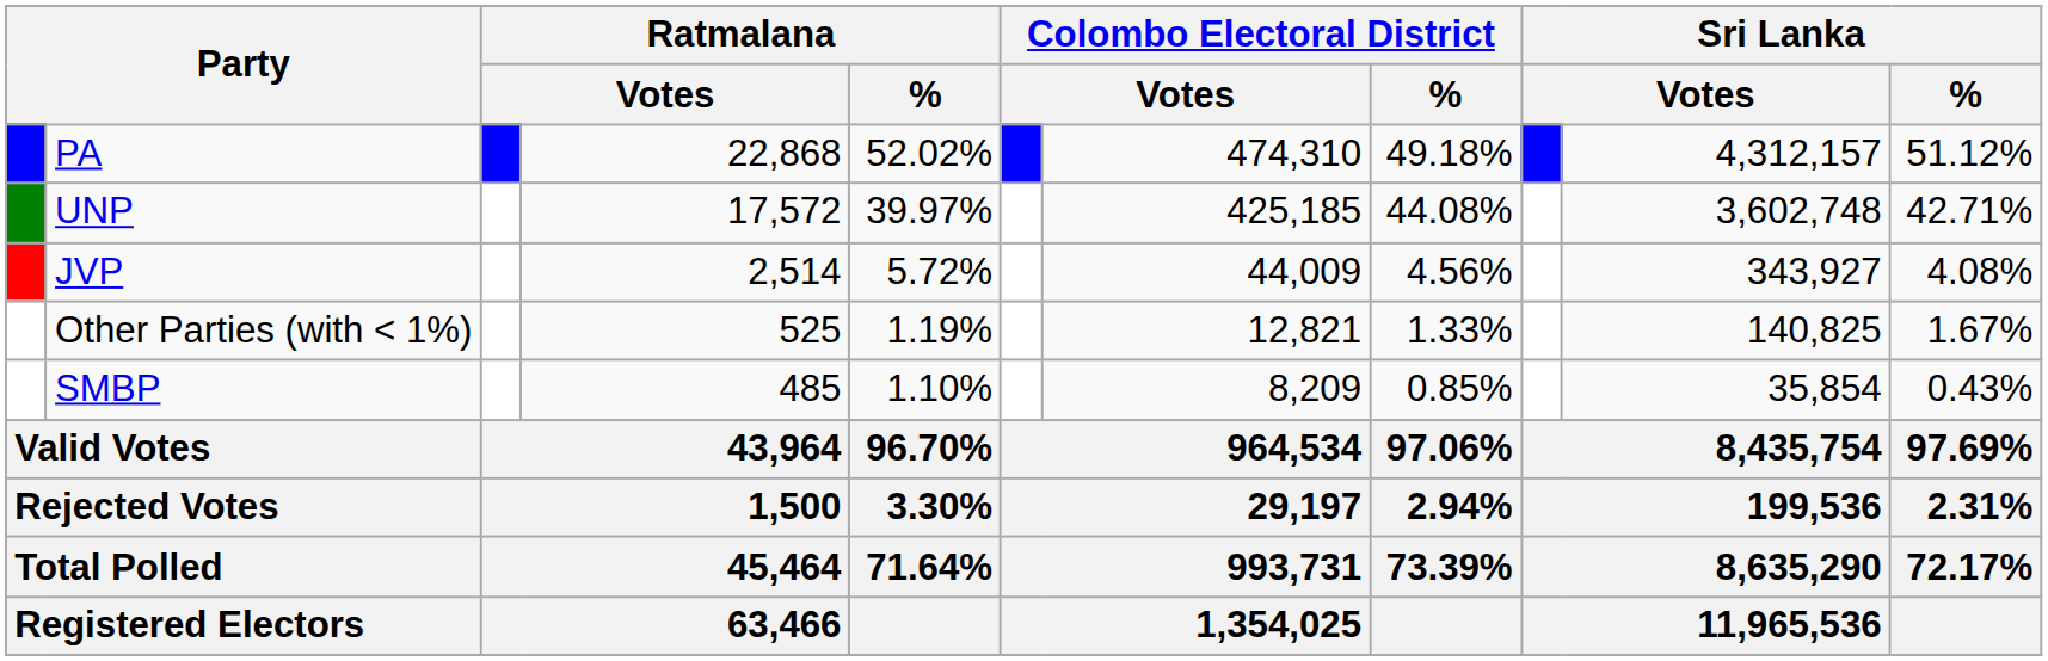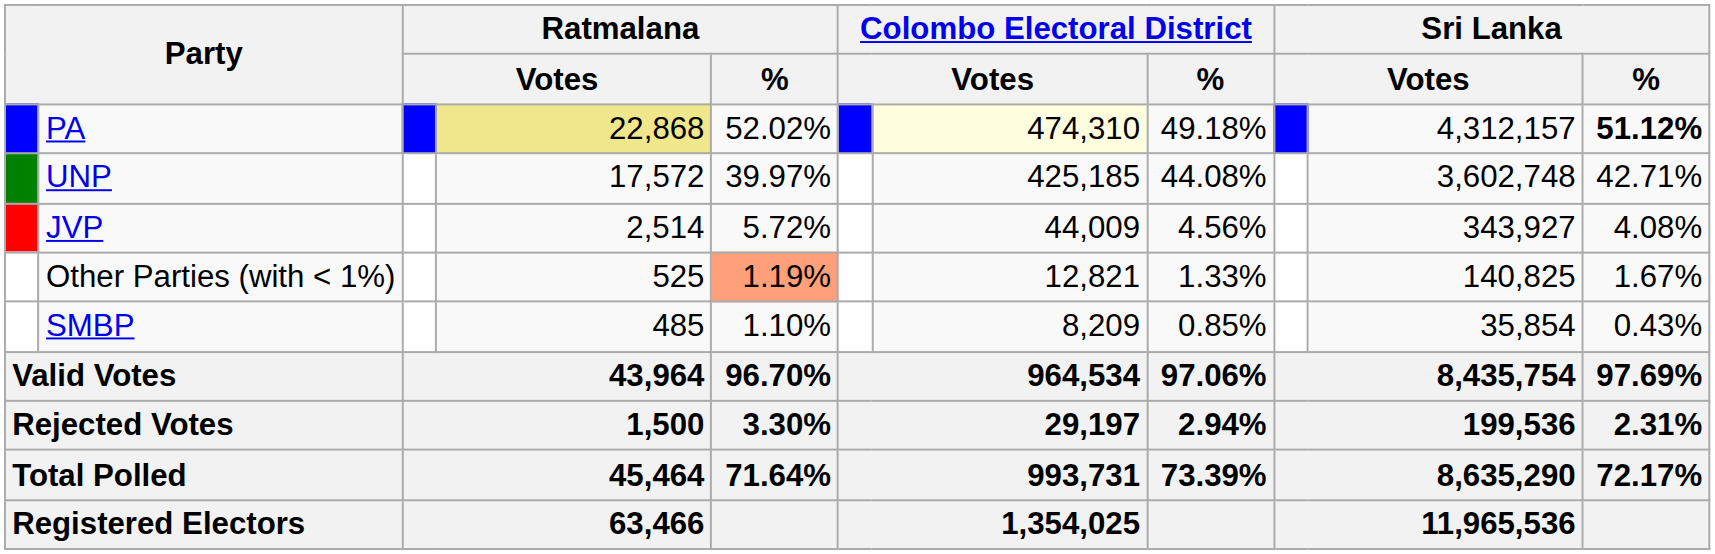 <table class="wikitable">
 <tr>
 <th colspan="2" width="144px"rowspan="2">Party</th>
 <th colspan="3" width="216px">Ratmalana</th>
 <th colspan="3" width="216px"><a href='#'>Colombo Electoral District</a></th>
 <th colspan="3" width="216px">Sri Lanka</th>
 </tr>
 <tr>
 <th colspan="2" width="144px">Votes</th>
 <th>%</th>
 <th colspan="2" width="144px">Votes</th>
 <th>%</th>
 <th colspan="2" width="144px">Votes</th>
 <th>%</th>
 </tr>
 <tr>
 <td style="background-color:blue;" width="10px"></td>
 <td style="text-align:left;"><a href='#'>PA</a></td>
 <td style="background-color:blue;" width="10px"></td>
-<td style="text-align:right;">22,868</td>
+<td style="background: khaki; text-align:right;">22,868</td>
 <td style="text-align:right;">52.02%</td>
 <td style="background-color:blue;" width="10px"></td>
-<td style="text-align:right;">474,310</td>
+<td style="background: lightyellow; text-align:right;">474,310</td>
 <td style="text-align:right;">49.18%</td>
 <td style="background-color:blue;" width="10px"></td>
 <td style="text-align:right;">4,312,157</td>
-<td style="text-align:right;">51.12%</td>
+<td style="text-align:right;"><strong>51.12%</strong></td>
 </tr>
 <tr>
 <td style="background-color:green;" width="10px"></td>
 <td style="text-align:left;"><a href='#'>UNP</a></td>
 <td style="background-color:white;" width="10px"></td>
 <td style="text-align:right;">17,572</td>
 <td style="text-align:right;">39.97%</td>
 <td style="background-color:white;" width="10px"></td>
 <td style="text-align:right;">425,185</td>
 <td style="text-align:right;">44.08%</td>
 <td style="background-color:white;" width="10px"></td>
 <td style="text-align:right;">3,602,748</td>
 <td style="text-align:right;">42.71%</td>
 </tr>
 <tr>
 <td style="background-color:red;" width="10px"></td>
 <td style="text-align:left;"><a href='#'>JVP</a></td>
 <td style="background-color:white;" width="10px"></td>
 <td style="text-align:right;">2,514</td>
 <td style="text-align:right;">5.72%</td>
 <td style="background-color:white;" width="10px"></td>
 <td style="text-align:right;">44,009</td>
 <td style="text-align:right;">4.56%</td>
 <td style="background-color:white;" width="10px"></td>
 <td style="text-align:right;">343,927</td>
 <td style="text-align:right;">4.08%</td>
 </tr>
 <tr>
 <td style="background-color:white;" width="10px"></td>
 <td style="text-align:left;">Other Parties (with < 1%)</td>
 <td style="background-color:white;" width="10px"></td>
 <td style="text-align:right;">525</td>
-<td style="text-align:right;">1.19%</td>
+<td style="background: lightsalmon; text-align:right;">1.19%</td>
 <td style="background-color:white;" width="10px"></td>
 <td style="text-align:right;">12,821</td>
 <td style="text-align:right;">1.33%</td>
 <td style="background-color:white;" width="10px"></td>
 <td style="text-align:right;">140,825</td>
 <td style="text-align:right;">1.67%</td>
 </tr>
 <tr>
 <td style="background-color:white;" width="10px"></td>
 <td style="text-align:left;"><a href='#'>SMBP</a></td>
 <td style="background-color:white;" width="10px"></td>
 <td style="text-align:right;">485</td>
 <td style="text-align:right;">1.10%</td>
 <td style="background-color:white;" width="10px"></td>
 <td style="text-align:right;">8,209</td>
 <td style="text-align:right;">0.85%</td>
 <td style="background-color:white;" width="10px"></td>
 <td style="text-align:right;">35,854</td>
 <td style="text-align:right;">0.43%</td>
 </tr>
 <tr>
 <th colspan="2" width="144px"style="text-align:left;">Valid Votes</th>
 <th style="text-align:right;"colspan="2" width="144px">43,964</th>
 <th style="text-align:right;">96.70%</th>
 <th style="text-align:right;"colspan="2" width="144px">964,534</th>
 <th style="text-align:right;">97.06%</th>
 <th style="text-align:right;"colspan="2" width="144px">8,435,754</th>
 <th style="text-align:right;">97.69%</th>
 </tr>
 <tr>
 <th colspan="2" width="144px"style="text-align:left;">Rejected Votes</th>
 <th style="text-align:right;"colspan="2" width="144px">1,500</th>
 <th style="text-align:right;">3.30%</th>
 <th style="text-align:right;"colspan="2" width="144px">29,197</th>
 <th style="text-align:right;">2.94%</th>
 <th style="text-align:right;"colspan="2" width="144px">199,536</th>
 <th style="text-align:right;">2.31%</th>
 </tr>
 <tr>
 <th colspan="2" width="144px"style="text-align:left;">Total Polled</th>
 <th style="text-align:right;"colspan="2" width="144px">45,464</th>
 <th style="text-align:right;">71.64%</th>
 <th style="text-align:right;"colspan="2" width="144px">993,731</th>
 <th style="text-align:right;">73.39%</th>
 <th style="text-align:right;"colspan="2" width="144px">8,635,290</th>
 <th style="text-align:right;">72.17%</th>
 </tr>
 <tr>
 <th colspan="2" width="144px"style="text-align:left;">Registered Electors</th>
 <th style="text-align:right;"colspan="2" width="144px">63,466</th>
 <th></th>
 <th style="text-align:right;"colspan="2" width="144px">1,354,025</th>
 <th></th>
 <th style="text-align:right;"colspan="2" width="144px">11,965,536</th>
 <th></th>
 </tr>
 </table>
